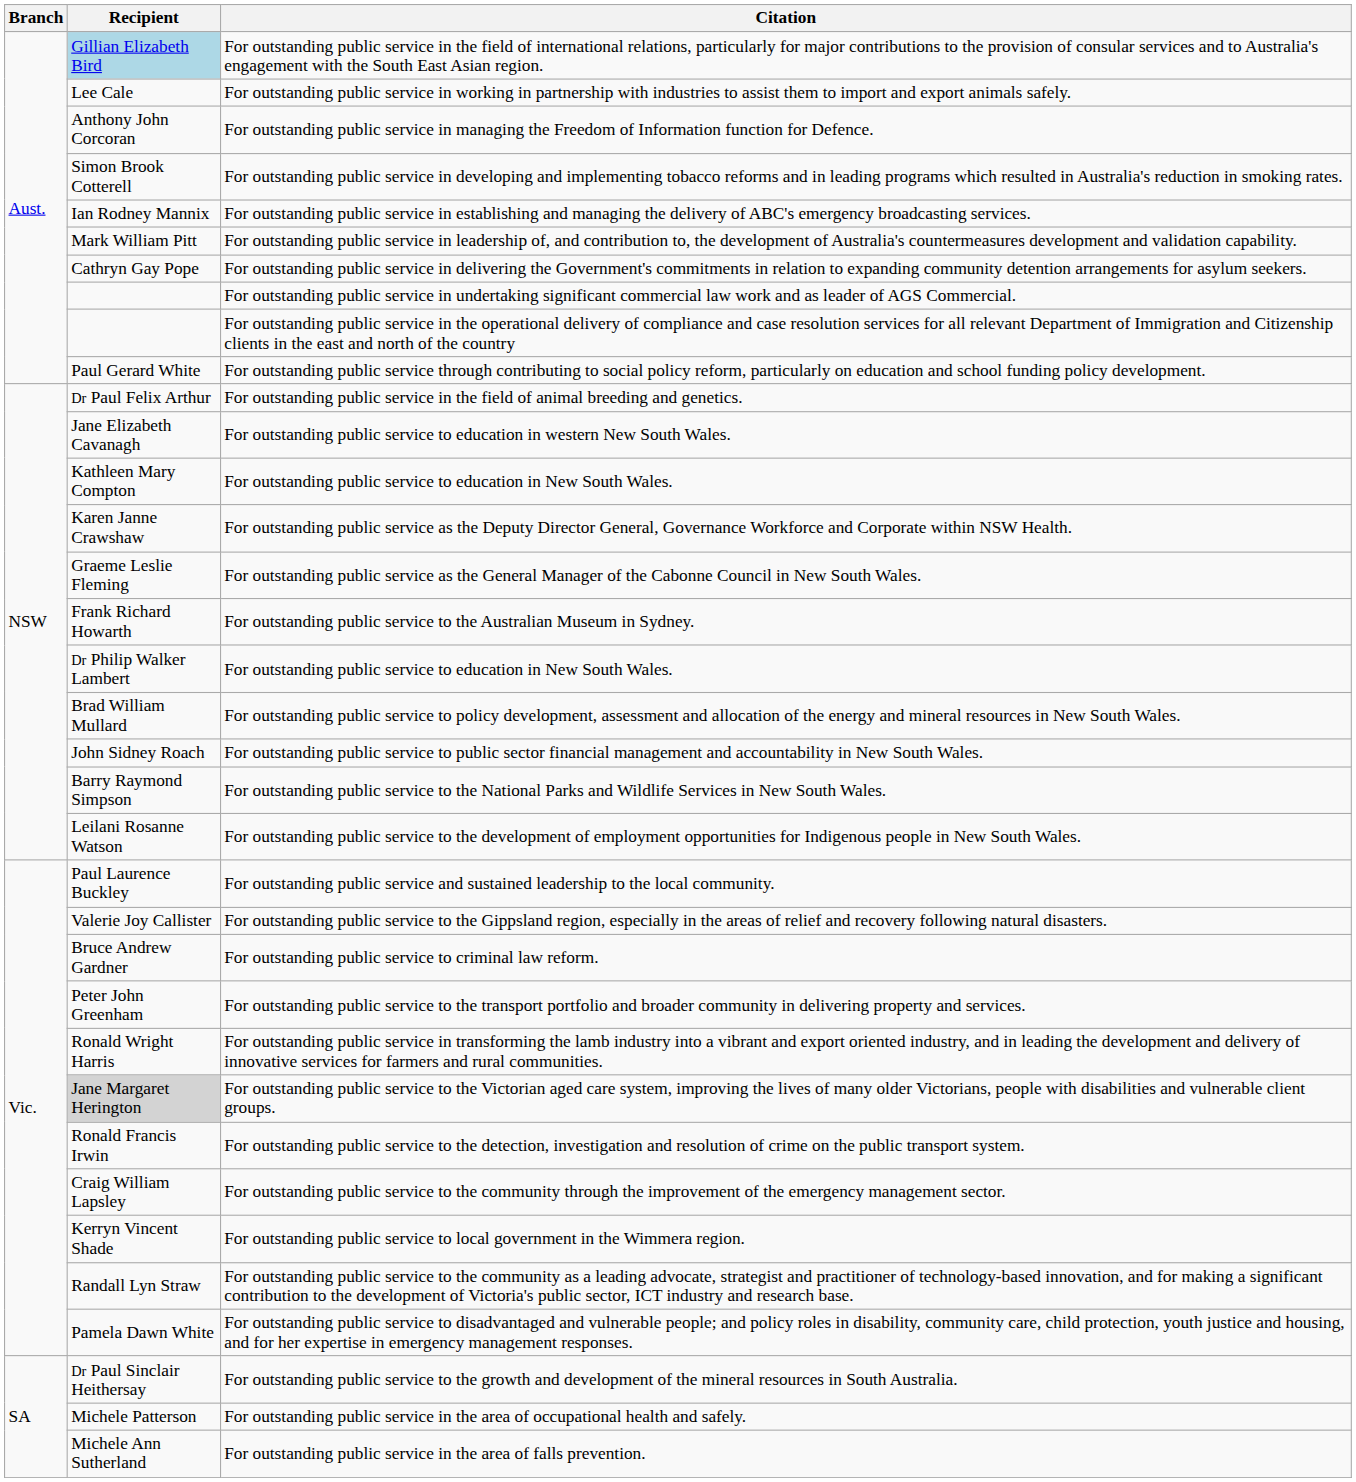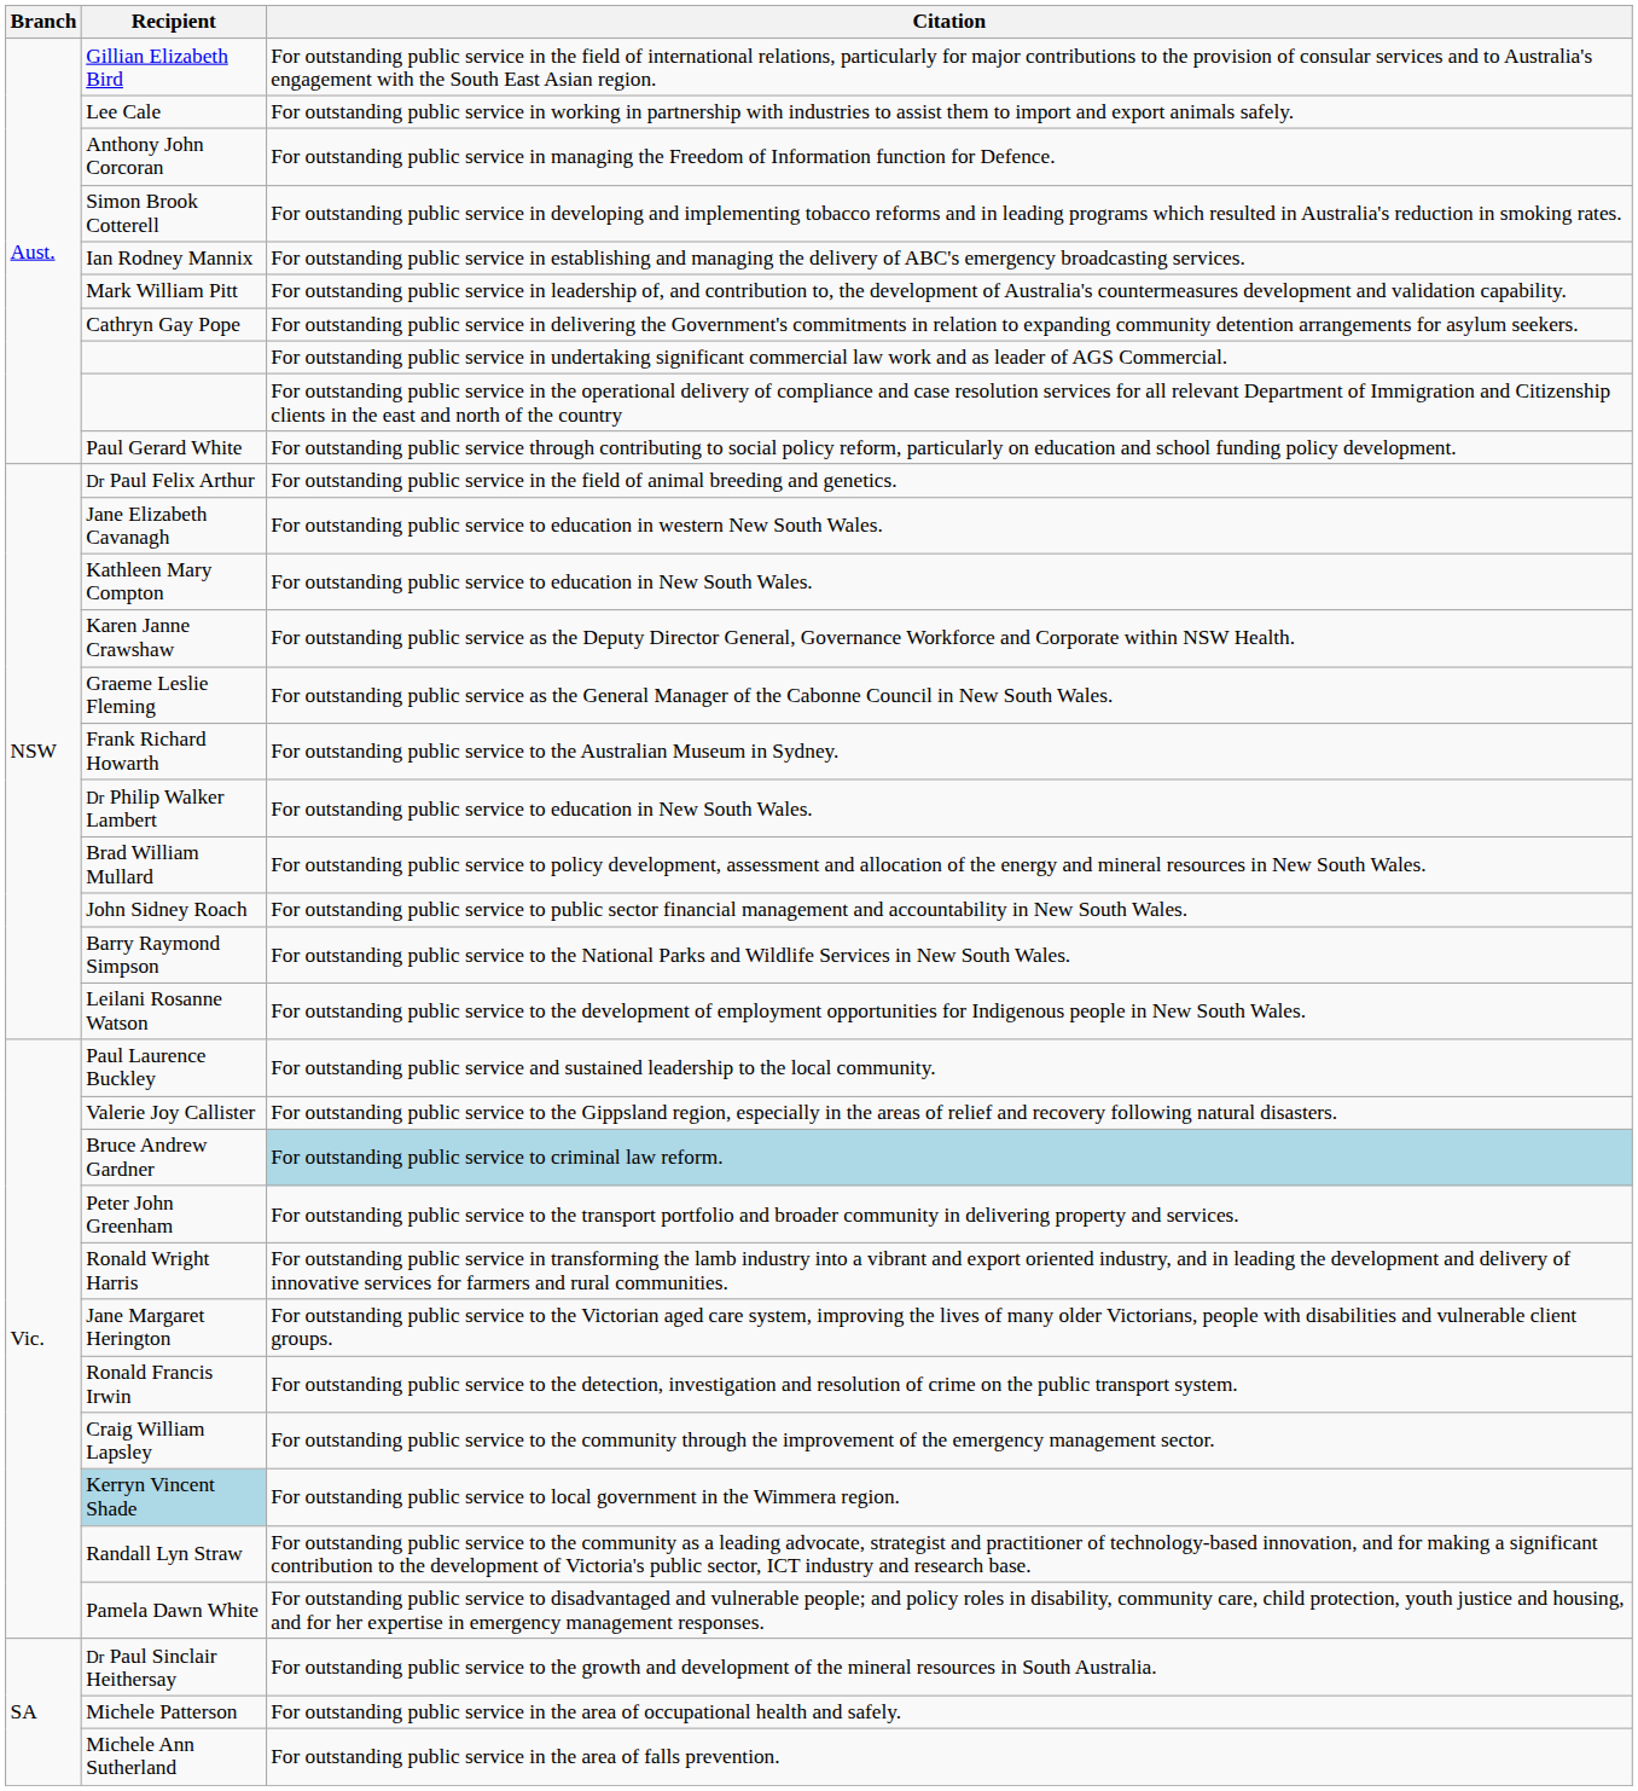 <table class=wikitable>
 <tr>
 <th>Branch</th>
 <th>Recipient</th>
 <th>Citation</th>
 </tr>
 <tr>
 <td rowspan="10"><a href='#'>Aust.</a></td>
-<td style="background: lightblue;"><a href='#'>Gillian Elizabeth Bird</a></td>
+<td><a href='#'>Gillian Elizabeth Bird</a></td>
 <td>For outstanding public service in the field of international relations, particularly for major contributions to the provision of consular services and to Australia's engagement with the South East Asian region.</td>
 </tr>
 <tr>
 <td>Lee Cale</td>
 <td>For outstanding public service in working in partnership with industries to assist them to import and export animals safely.</td>
 </tr>
 <tr>
 <td>Anthony John Corcoran</td>
 <td>For outstanding public service in managing the Freedom of Information function for Defence.</td>
 </tr>
 <tr>
 <td>Simon Brook Cotterell</td>
 <td>For outstanding public service in developing and implementing tobacco reforms and in leading programs which resulted in Australia's reduction in smoking rates.</td>
 </tr>
 <tr>
 <td>Ian Rodney Mannix</td>
 <td>For outstanding public service in establishing and managing the delivery of ABC's emergency broadcasting services.</td>
 </tr>
 <tr>
 <td>Mark William Pitt</td>
 <td>For outstanding public service in leadership of, and contribution to, the development of Australia's countermeasures development and validation capability.</td>
 </tr>
 <tr>
 <td>Cathryn Gay Pope</td>
 <td>For outstanding public service in delivering the Government's commitments in relation to expanding community detention arrangements for asylum seekers.</td>
 </tr>
 <tr>
 <td></td>
 <td>For outstanding public service in undertaking significant commercial law work and as leader of AGS Commercial.</td>
 </tr>
 <tr>
 <td></td>
 <td>For outstanding public service in the operational delivery of compliance and case resolution services for all relevant Department of Immigration and Citizenship clients in the east and north of the country</td>
 </tr>
 <tr>
 <td>Paul Gerard White</td>
 <td>For outstanding public service through contributing to social policy reform, particularly on education and school funding policy development.</td>
 </tr>
 <tr>
 <td rowspan="11">NSW</td>
 <td><small>Dr</small> Paul Felix Arthur</td>
 <td>For outstanding public service in the field of animal breeding and genetics.</td>
 </tr>
 <tr>
 <td>Jane Elizabeth Cavanagh</td>
 <td>For outstanding public service to education in western New South Wales.</td>
 </tr>
 <tr>
 <td>Kathleen Mary Compton</td>
 <td>For outstanding public service to education in New South Wales.</td>
 </tr>
 <tr>
 <td>Karen Janne Crawshaw</td>
 <td>For outstanding public service as the Deputy Director General, Governance Workforce and Corporate within NSW Health.</td>
 </tr>
 <tr>
 <td>Graeme Leslie Fleming</td>
 <td>For outstanding public service as the General Manager of the Cabonne Council in New South Wales.</td>
 </tr>
 <tr>
 <td>Frank Richard Howarth</td>
 <td>For outstanding public service to the Australian Museum in Sydney.</td>
 </tr>
 <tr>
 <td><small>Dr</small> Philip Walker Lambert</td>
 <td>For outstanding public service to education in New South Wales.</td>
 </tr>
 <tr>
 <td>Brad William Mullard</td>
 <td>For outstanding public service to policy development, assessment and allocation of the energy and mineral resources in New South Wales.</td>
 </tr>
 <tr>
 <td>John Sidney Roach</td>
 <td>For outstanding public service to public sector financial management and accountability in New South Wales.</td>
 </tr>
 <tr>
 <td>Barry Raymond Simpson</td>
 <td>For outstanding public service to the National Parks and Wildlife Services in New South Wales.</td>
 </tr>
 <tr>
 <td>Leilani Rosanne Watson</td>
 <td>For outstanding public service to the development of employment opportunities for Indigenous people in New South Wales.</td>
 </tr>
 <tr>
 <td rowspan="11">Vic.</td>
 <td>Paul Laurence Buckley</td>
 <td>For outstanding public service and sustained leadership to the local community.</td>
 </tr>
 <tr>
 <td>Valerie Joy Callister</td>
 <td>For outstanding public service to the Gippsland region, especially in the areas of relief and recovery following natural disasters.</td>
 </tr>
 <tr>
 <td>Bruce Andrew Gardner</td>
-<td>For outstanding public service to criminal law reform.</td>
+<td style="background: lightblue;">For outstanding public service to criminal law reform.</td>
 </tr>
 <tr>
 <td>Peter John Greenham</td>
 <td>For outstanding public service to the transport portfolio and broader community in delivering property and services.</td>
 </tr>
 <tr>
 <td>Ronald Wright Harris</td>
 <td>For outstanding public service in transforming the lamb industry into a vibrant and export oriented industry, and in leading the development and delivery of innovative services for farmers and rural communities.</td>
 </tr>
 <tr>
-<td style="background: lightgrey;">Jane Margaret Herington</td>
+<td>Jane Margaret Herington</td>
 <td>For outstanding public service to the Victorian aged care system, improving the lives of many older Victorians, people with disabilities and vulnerable client groups.</td>
 </tr>
 <tr>
 <td>Ronald Francis Irwin</td>
 <td>For outstanding public service to the detection, investigation and resolution of crime on the public transport system.</td>
 </tr>
 <tr>
 <td>Craig William Lapsley</td>
 <td>For outstanding public service to the community through the improvement of the emergency management sector.</td>
 </tr>
 <tr>
-<td>Kerryn Vincent Shade</td>
+<td style="background: lightblue;">Kerryn Vincent Shade</td>
 <td>For outstanding public service to local government in the Wimmera region.</td>
 </tr>
 <tr>
 <td>Randall Lyn Straw</td>
 <td>For outstanding public service to the community as a leading advocate, strategist and practitioner of technology-based innovation, and for making a significant contribution to the development of Victoria's public sector, ICT industry and research base.</td>
 </tr>
 <tr>
 <td>Pamela Dawn White</td>
 <td>For outstanding public service to disadvantaged and vulnerable people; and policy roles in disability, community care, child protection, youth justice and housing, and for her expertise in emergency management responses.</td>
 </tr>
 <tr>
 <td rowspan="3">SA</td>
 <td><small>Dr</small> Paul Sinclair Heithersay</td>
 <td>For outstanding public service to the growth and development of the mineral resources in South Australia.</td>
 </tr>
 <tr>
 <td>Michele Patterson</td>
 <td>For outstanding public service in the area of occupational health and safely.</td>
 </tr>
 <tr>
 <td>Michele Ann Sutherland</td>
 <td>For outstanding public service in the area of falls prevention.</td>
 </tr>
 </table>
